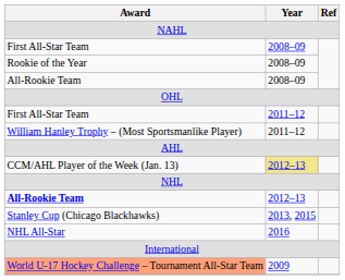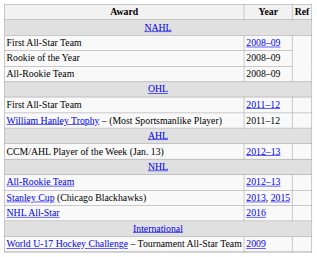 <table class="wikitable">
 <tr>
 <th>Award</th>
 <th>Year</th>
 <th>Ref</th>
 </tr>
 <tr ALIGN="center" bgcolor="#e0e0e0">
 <td colspan="3"><a href='#'>NAHL</a></td>
 </tr>
 <tr>
 <td>First All-Star Team</td>
 <td><a href='#'>2008–09</a></td>
 <td rowspan="3"></td>
 </tr>
 <tr>
 <td>Rookie of the Year</td>
 <td>2008–09</td>
 </tr>
 <tr>
 <td>All-Rookie Team</td>
 <td>2008–09</td>
 </tr>
 <tr ALIGN="center" bgcolor="#e0e0e0">
 <td colspan="3"><a href='#'>OHL</a></td>
 </tr>
 <tr>
 <td>First All-Star Team</td>
 <td><a href='#'>2011–12</a></td>
 <td></td>
 </tr>
 <tr>
 <td><a href='#'>William Hanley Trophy</a> – (Most Sportsmanlike Player)</td>
 <td>2011–12</td>
 <td></td>
 </tr>
 <tr ALIGN="center" bgcolor="#e0e0e0">
 <td colspan="3"><a href='#'>AHL</a></td>
 </tr>
 <tr>
 <td>CCM/AHL Player of the Week (Jan. 13)</td>
-<td style="background: khaki;"><a href='#'>2012–13</a></td>
+<td><a href='#'>2012–13</a></td>
 <td></td>
 </tr>
 <tr ALIGN="center" bgcolor="#e0e0e0">
 <td colspan="3"><a href='#'>NHL</a></td>
 </tr>
 <tr>
-<td><strong><a href='#'>All-Rookie Team</a></strong></td>
+<td><a href='#'>All-Rookie Team</a></td>
 <td><a href='#'>2012–13</a></td>
 <td></td>
 </tr>
 <tr>
 <td><a href='#'>Stanley Cup</a> (Chicago Blackhawks)</td>
 <td><a href='#'>2013</a>, <a href='#'>2015</a></td>
 <td></td>
 </tr>
 <tr>
 <td><a href='#'>NHL All-Star</a></td>
 <td><a href='#'>2016</a></td>
 <td></td>
 </tr>
 <tr ALIGN="center" bgcolor="#e0e0e0">
 <td colspan="3"><a href='#'>International</a></td>
 </tr>
 <tr>
-<td style="background: lightsalmon;"><a href='#'>World U-17 Hockey Challenge</a> – Tournament All-Star Team</td>
+<td><a href='#'>World U-17 Hockey Challenge</a> – Tournament All-Star Team</td>
 <td><a href='#'>2009</a></td>
 <td></td>
 </tr>
 <tr>
 </tr>
 </table>
